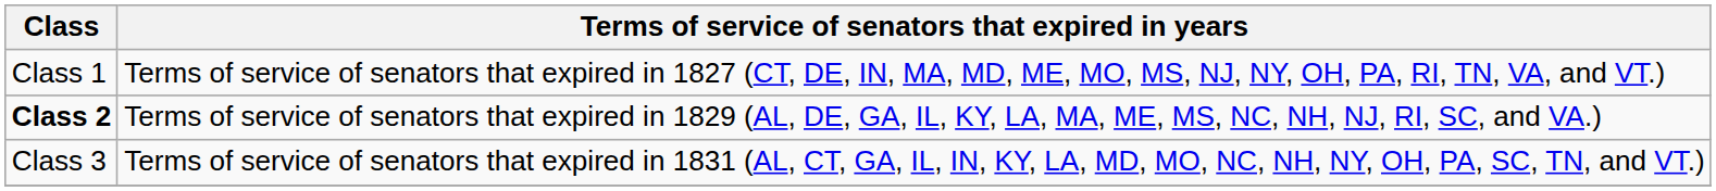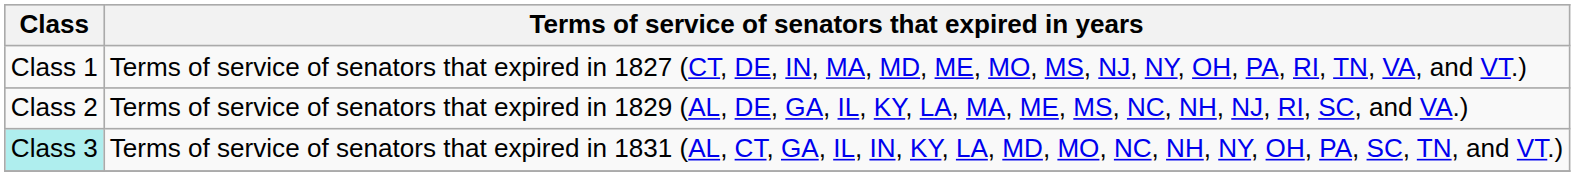 <table class="wikitable sortable">
 <tr valign=bottom>
 <th>Class</th>
 <th>Terms of service of senators that expired in years</th>
 </tr>
 <tr>
 <td>Class 1</td>
 <td>Terms of service of senators that expired in 1827 (<a href='#'>CT</a>, <a href='#'>DE</a>, <a href='#'>IN</a>, <a href='#'>MA</a>, <a href='#'>MD</a>, <a href='#'>ME</a>, <a href='#'>MO</a>, <a href='#'>MS</a>, <a href='#'>NJ</a>, <a href='#'>NY</a>, <a href='#'>OH</a>, <a href='#'>PA</a>, <a href='#'>RI</a>, <a href='#'>TN</a>, <a href='#'>VA</a>, and <a href='#'>VT</a>.)</td>
 </tr>
 <tr>
-<td><strong>Class 2</strong></td>
+<td>Class 2</td>
 <td>Terms of service of senators that expired in 1829 (<a href='#'>AL</a>, <a href='#'>DE</a>, <a href='#'>GA</a>, <a href='#'>IL</a>, <a href='#'>KY</a>, <a href='#'>LA</a>, <a href='#'>MA</a>, <a href='#'>ME</a>, <a href='#'>MS</a>, <a href='#'>NC</a>, <a href='#'>NH</a>, <a href='#'>NJ</a>, <a href='#'>RI</a>, <a href='#'>SC</a>, and <a href='#'>VA</a>.)</td>
 </tr>
 <tr>
-<td>Class 3</td>
+<td style="background: paleturquoise;">Class 3</td>
 <td>Terms of service of senators that expired in 1831 (<a href='#'>AL</a>, <a href='#'>CT</a>, <a href='#'>GA</a>, <a href='#'>IL</a>, <a href='#'>IN</a>, <a href='#'>KY</a>, <a href='#'>LA</a>, <a href='#'>MD</a>, <a href='#'>MO</a>, <a href='#'>NC</a>, <a href='#'>NH</a>, <a href='#'>NY</a>, <a href='#'>OH</a>, <a href='#'>PA</a>, <a href='#'>SC</a>, <a href='#'>TN</a>, and <a href='#'>VT</a>.)</td>
 </tr>
 <tr>
 </tr>
 </table>
